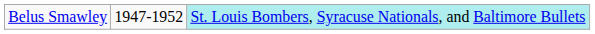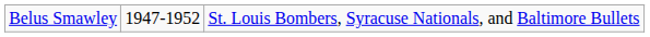 <table class="wikitable">
 <tr>
 </tr>
 <tr align="center">
 <td><a href='#'>Belus Smawley</a></td>
 <td>1947-1952</td>
-<td style="background: paleturquoise;"><a href='#'>St. Louis Bombers</a>, <a href='#'>Syracuse Nationals</a>, and <a href='#'>Baltimore Bullets</a></td>
+<td><a href='#'>St. Louis Bombers</a>, <a href='#'>Syracuse Nationals</a>, and <a href='#'>Baltimore Bullets</a></td>
 </tr>
 </table>
